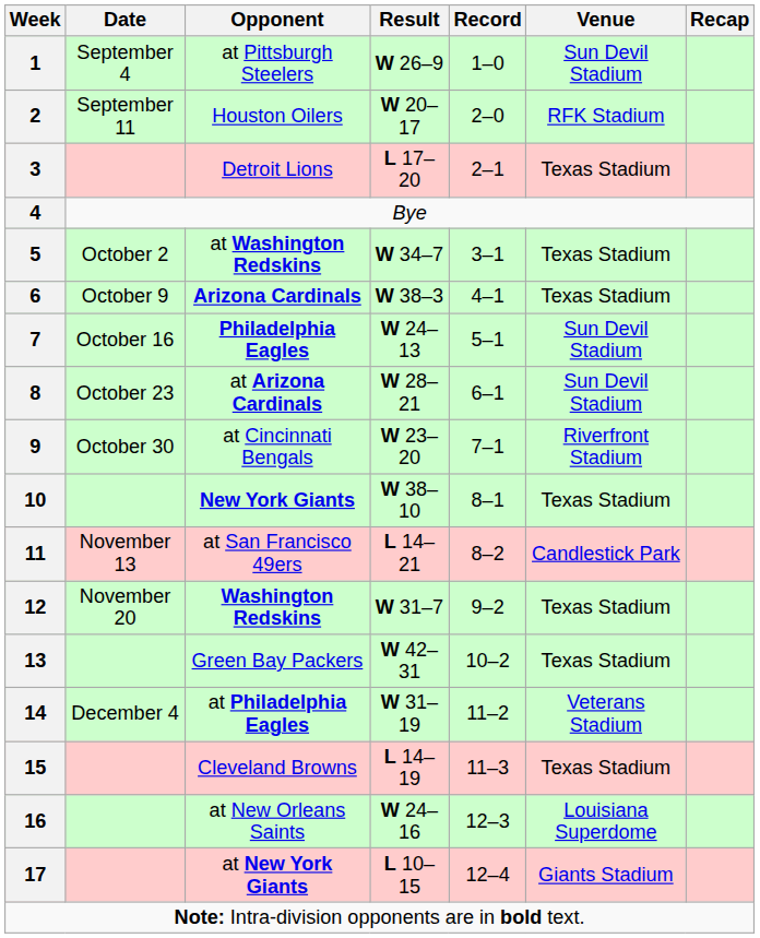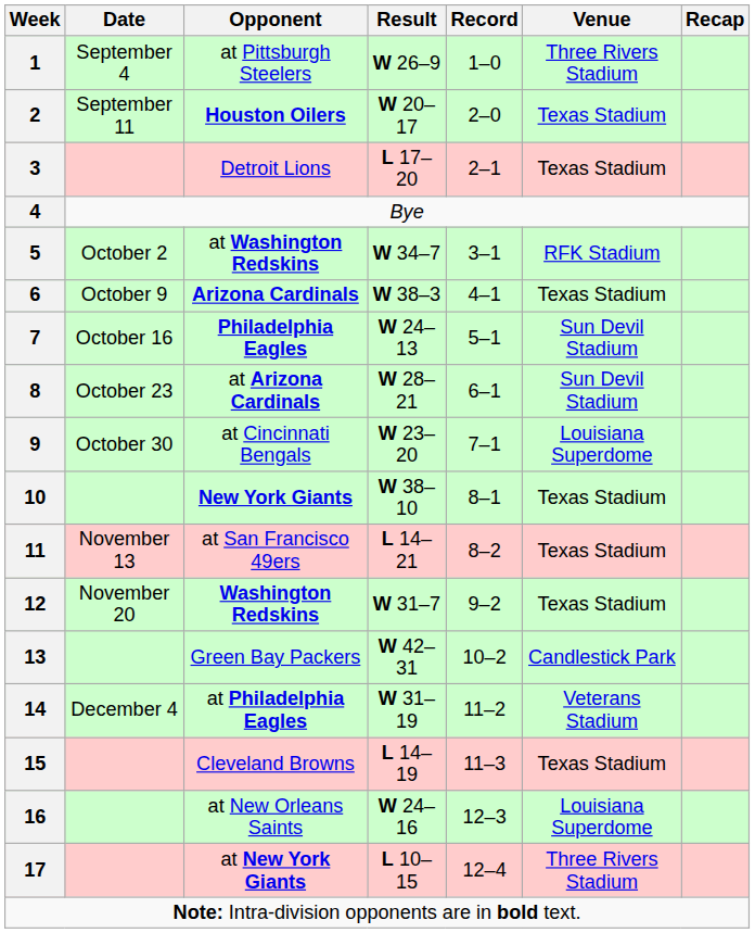 <table class="wikitable" style="text-align:center">
 <tr>
 <th>Week</th>
 <th>Date</th>
 <th>Opponent</th>
 <th>Result</th>
 <th>Record</th>
 <th>Venue</th>
 <th>Recap</th>
 </tr>
 <tr bgcolor="#cfc">
 <th>1</th>
 <td>September 4</td>
 <td>at <a href='#'>Pittsburgh Steelers</a></td>
 <td><strong>W</strong> 26–9</td>
 <td>1–0</td>
-<td><a href='#'>Sun Devil Stadium</a></td>
+<td><a href='#'>Three Rivers Stadium</a></td>
 <td></td>
 </tr>
 <tr bgcolor="#cfc">
 <th>2</th>
 <td>September 11</td>
-<td><a href='#'>Houston Oilers</a></td>
+<td><strong><a href='#'>Houston Oilers</a></strong></td>
 <td><strong>W</strong> 20–17</td>
 <td>2–0</td>
-<td><a href='#'>RFK Stadium</a></td>
+<td><a href='#'>Texas Stadium</a></td>
 <td></td>
 </tr>
 <tr bgcolor="#fcc">
 <th>3</th>
 <td></td>
 <td><a href='#'>Detroit Lions</a></td>
 <td><strong>L</strong> 17–20 </td>
 <td>2–1</td>
 <td>Texas Stadium</td>
 <td></td>
 </tr>
 <tr>
 <th>4</th>
 <td colspan="6" style="text-align:center;"><em>Bye</em></td>
 </tr>
 <tr bgcolor="#cfc">
 <th>5</th>
 <td>October 2</td>
 <td>at <strong><a href='#'>Washington Redskins</a></strong></td>
 <td><strong>W</strong> 34–7</td>
 <td>3–1</td>
-<td>Texas Stadium</td>
+<td><a href='#'>RFK Stadium</a></td>
 <td></td>
 </tr>
 <tr bgcolor="#cfc">
 <th>6</th>
 <td>October 9</td>
 <td><strong><a href='#'>Arizona Cardinals</a></strong></td>
 <td><strong>W</strong> 38–3</td>
 <td>4–1</td>
 <td>Texas Stadium</td>
 <td></td>
 </tr>
 <tr bgcolor="#cfc">
 <th>7</th>
 <td>October 16</td>
 <td><strong><a href='#'>Philadelphia Eagles</a></strong></td>
 <td><strong>W</strong> 24–13</td>
 <td>5–1</td>
 <td><a href='#'>Sun Devil Stadium</a></td>
 <td></td>
 </tr>
 <tr bgcolor="#cfc">
 <th>8</th>
 <td>October 23</td>
 <td>at <strong><a href='#'>Arizona Cardinals</a></strong></td>
 <td><strong>W</strong> 28–21</td>
 <td>6–1</td>
 <td><a href='#'>Sun Devil Stadium</a></td>
 <td></td>
 </tr>
 <tr bgcolor="#cfc">
 <th>9</th>
 <td>October 30</td>
 <td>at <a href='#'>Cincinnati Bengals</a></td>
 <td><strong>W</strong> 23–20</td>
 <td>7–1</td>
-<td><a href='#'>Riverfront Stadium</a></td>
+<td><a href='#'>Louisiana Superdome</a></td>
 <td></td>
 </tr>
 <tr bgcolor="#cfc">
 <th>10</th>
 <td></td>
 <td><strong><a href='#'>New York Giants</a></strong></td>
 <td><strong>W</strong> 38–10</td>
 <td>8–1</td>
 <td>Texas Stadium</td>
 <td></td>
 </tr>
 <tr bgcolor="#fcc">
 <th>11</th>
 <td>November 13</td>
 <td>at <a href='#'>San Francisco 49ers</a></td>
 <td><strong>L</strong> 14–21</td>
 <td>8–2</td>
-<td><a href='#'>Candlestick Park</a></td>
+<td>Texas Stadium</td>
 <td></td>
 </tr>
 <tr bgcolor="#cfc">
 <th>12</th>
 <td>November 20</td>
 <td><strong><a href='#'>Washington Redskins</a></strong></td>
 <td><strong>W</strong> 31–7</td>
 <td>9–2</td>
 <td>Texas Stadium</td>
 <td></td>
 </tr>
 <tr bgcolor="#cfc">
 <th>13</th>
 <td></td>
 <td><a href='#'>Green Bay Packers</a></td>
 <td><strong>W</strong> 42–31</td>
 <td>10–2</td>
-<td>Texas Stadium</td>
+<td><a href='#'>Candlestick Park</a></td>
 <td></td>
 </tr>
 <tr bgcolor="#cfc">
 <th>14</th>
 <td>December 4</td>
 <td>at <strong><a href='#'>Philadelphia Eagles</a></strong></td>
 <td><strong>W</strong> 31–19</td>
 <td>11–2</td>
 <td><a href='#'>Veterans Stadium</a></td>
 <td></td>
 </tr>
 <tr bgcolor="#fcc">
 <th>15</th>
 <td></td>
 <td><a href='#'>Cleveland Browns</a></td>
 <td><strong>L</strong> 14–19</td>
 <td>11–3</td>
 <td>Texas Stadium</td>
 <td></td>
 </tr>
 <tr bgcolor="#cfc">
 <th>16</th>
 <td></td>
 <td>at <a href='#'>New Orleans Saints</a></td>
 <td><strong>W</strong> 24–16</td>
 <td>12–3</td>
 <td><a href='#'>Louisiana Superdome</a></td>
 <td></td>
 </tr>
 <tr bgcolor="#fcc">
 <th>17</th>
 <td></td>
 <td>at <strong><a href='#'>New York Giants</a></strong></td>
 <td><strong>L</strong> 10–15</td>
 <td>12–4</td>
-<td><a href='#'>Giants Stadium</a></td>
+<td><a href='#'>Three Rivers Stadium</a></td>
 <td></td>
 </tr>
 <tr>
 <td colspan="8"><strong>Note:</strong> Intra-division opponents are in <strong>bold</strong> text.</td>
 </tr>
 </table>
